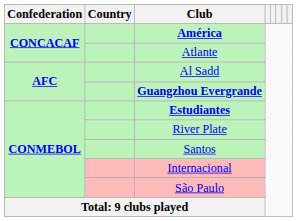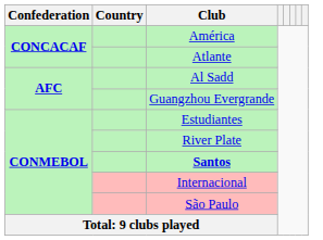 <table class="wikitable sortable" style="text-align: center">
 <tr>
 <th>Confederation</th>
 <th>Country</th>
 <th>Club</th>
 <th></th>
 <th></th>
 <th></th>
 <th></th>
 <th></th>
 </tr>
 <tr bgcolor="#bbf3bb">
 <td rowspan="2"><strong><a href='#'>CONCACAF</a></strong></td>
 <td style="text-align:left;"></td>
-<td><strong><a href='#'>América</a><br></strong></td>
+<td><a href='#'>América</a><br></td>
 </tr>
 <tr bgcolor="#bbf3bb">
 <td style="text-align:left;"></td>
 <td><a href='#'>Atlante</a><br></td>
 </tr>
 <tr bgcolor="#bbf3bb">
 <td rowspan="2"><strong><a href='#'>AFC</a></strong></td>
 <td style="text-align:left;"></td>
 <td><a href='#'>Al Sadd</a><br></td>
 </tr>
 <tr bgcolor="#bbf3bb">
 <td style="text-align:left;"></td>
-<td><strong><a href='#'>Guangzhou Evergrande</a><br></strong></td>
+<td><a href='#'>Guangzhou Evergrande</a><br></td>
 </tr>
 <tr bgcolor="#bbf3bb">
 <td rowspan="5"><strong><a href='#'>CONMEBOL</a></strong></td>
 <td style="text-align:left;"></td>
-<td><strong><a href='#'>Estudiantes</a><br></strong></td>
+<td><a href='#'>Estudiantes</a><br></td>
 </tr>
 <tr bgcolor="#bbf3bb">
 <td style="text-align:left;"></td>
 <td><a href='#'>River Plate</a><br></td>
 </tr>
 <tr bgcolor="#bbf3bb">
 <td style="text-align:left;"></td>
-<td><a href='#'>Santos</a><br></td>
+<td><strong><a href='#'>Santos</a><br></strong></td>
 </tr>
 <tr bgcolor="#ffbbbb">
 <td style="text-align:left;"></td>
 <td><a href='#'>Internacional</a><br></td>
 </tr>
 <tr bgcolor="#ffbbbb">
 <td style="text-align:left;"></td>
 <td><a href='#'>São Paulo</a><br></td>
 </tr>
 <tr class="sortbottom">
 <th colspan="3">Total: 9 clubs played<br></th>
 </tr>
 </table>
